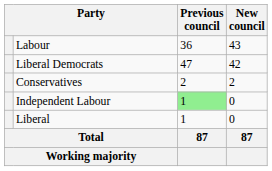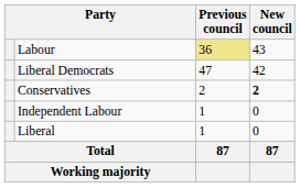 <table class="wikitable">
 <tr>
 <th valign=top colspan="2" style="width: 230px">Party</th>
 <th valign=top style="width: 30px">Previous council</th>
 <th valign=top style="width: 30px">New council</th>
 </tr>
 <tr>
 <th style="background-color: "></th>
 <td>Labour</td>
-<td>36</td>
+<td style="background: khaki;">36</td>
 <td>43</td>
 </tr>
 <tr>
 <th style="background-color: "></th>
 <td>Liberal Democrats</td>
 <td>47</td>
 <td>42</td>
 </tr>
 <tr>
 <th style="background-color: "></th>
 <td>Conservatives</td>
 <td>2</td>
-<td>2</td>
+<td><strong>2</strong></td>
 </tr>
 <tr>
 <th style="background-color: "></th>
 <td>Independent Labour</td>
-<td style="background: lightgreen;">1</td>
+<td>1</td>
 <td>0</td>
 </tr>
 <tr>
 <th style="background-color: "></th>
 <td>Liberal</td>
 <td>1</td>
 <td>0</td>
 </tr>
 <tr>
 <th colspan=2>Total</th>
 <th style="text-align: center">87</th>
 <th colspan=3>87</th>
 </tr>
 <tr>
 <th colspan=2>Working majority</th>
 <th></th>
 <th></th>
 </tr>
 </table>
